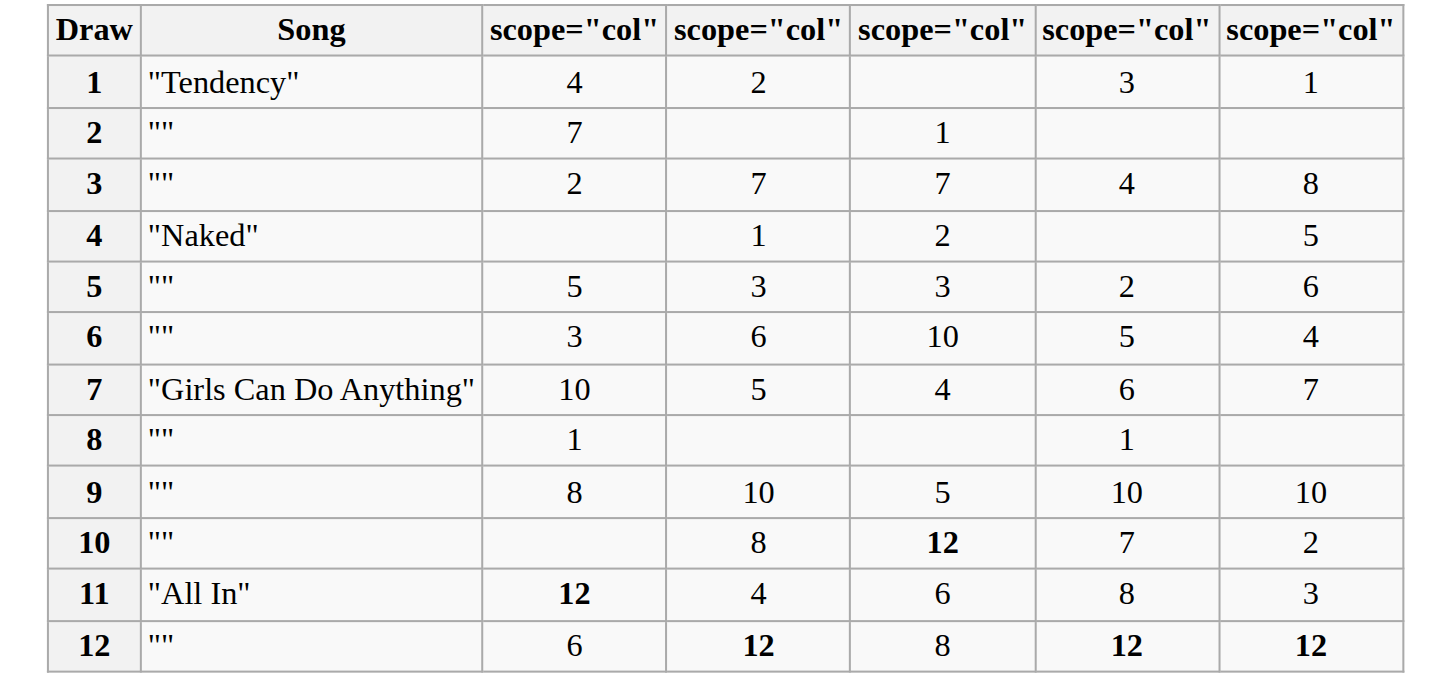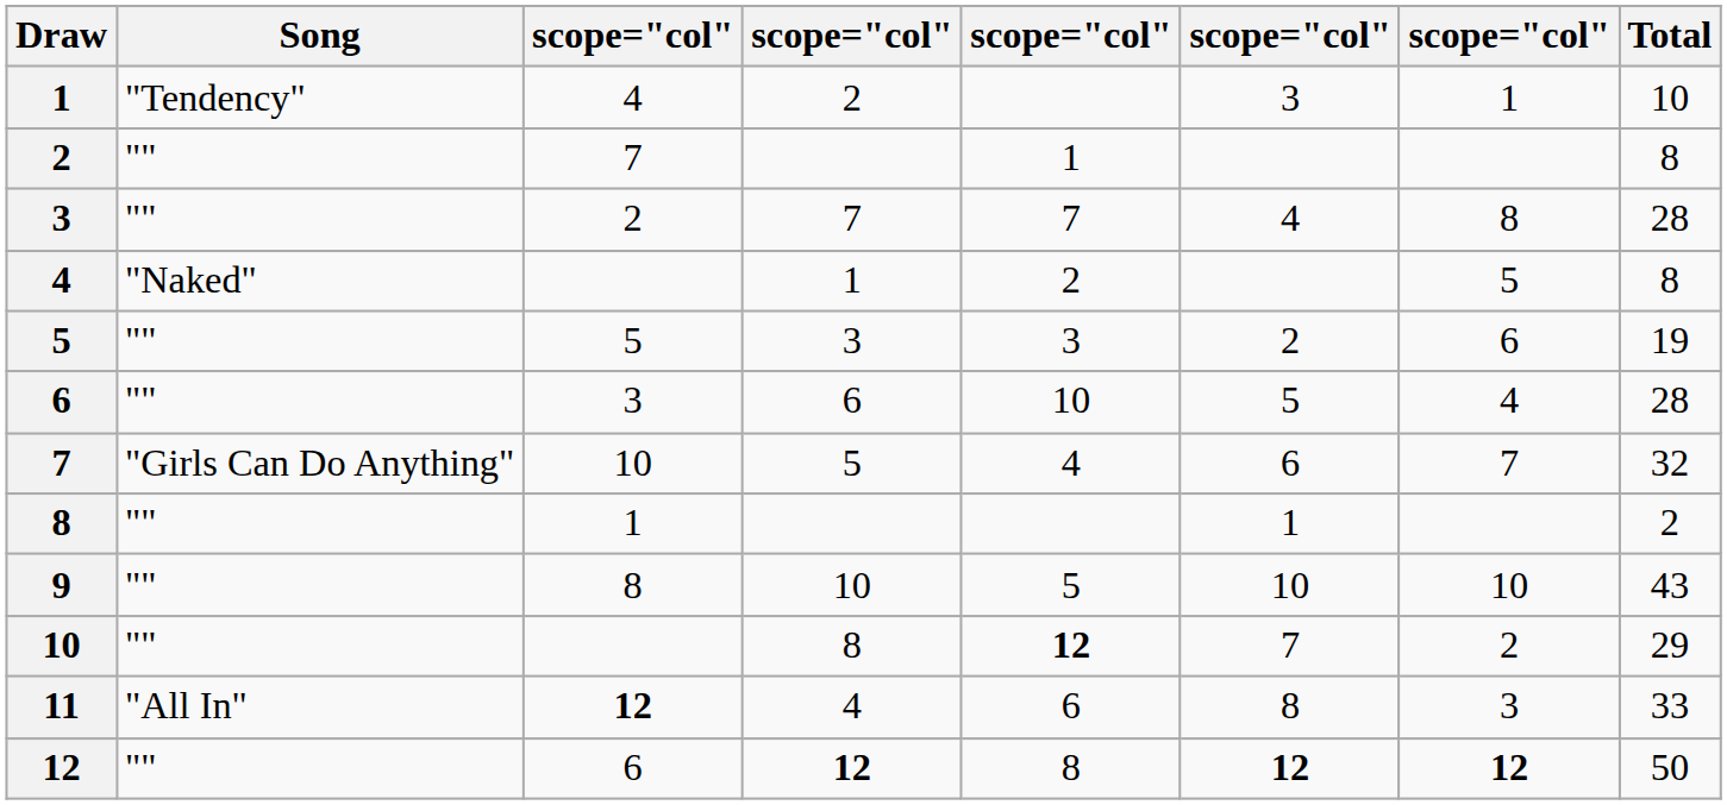 <table class="wikitable collapsible plainrowheaders" style="margin: 1em auto 1em auto; text-align:center">
 <tr>
 <th scope="col">Draw</th>
 <th scope="col">Song</th>
 <th>scope="col" </th>
 <th>scope="col" </th>
 <th>scope="col" </th>
 <th>scope="col" </th>
 <th>scope="col" </th>
+<th scope="col">Total</th>
 </tr>
 <tr>
 <th scope="row" style="text-align:center;">1</th>
 <td style="text-align:left">"Tendency"</td>
 <td>4</td>
 <td>2</td>
 <td></td>
 <td>3</td>
 <td>1</td>
+<td>10</td>
 </tr>
 <tr>
 <th scope="row" style="text-align:center;">2</th>
 <td style="text-align:left">""</td>
 <td>7</td>
 <td></td>
 <td>1</td>
 <td></td>
 <td></td>
+<td>8</td>
 </tr>
 <tr>
 <th scope="row" style="text-align:center;">3</th>
 <td style="text-align:left">""</td>
 <td>2</td>
 <td>7</td>
 <td>7</td>
 <td>4</td>
 <td>8</td>
+<td>28</td>
 </tr>
 <tr>
 <th scope="row" style="text-align:center;">4</th>
 <td style="text-align:left">"Naked"</td>
 <td></td>
 <td>1</td>
 <td>2</td>
 <td></td>
 <td>5</td>
+<td>8</td>
 </tr>
 <tr>
 <th scope="row" style="text-align:center;">5</th>
 <td style="text-align:left">""</td>
 <td>5</td>
 <td>3</td>
 <td>3</td>
 <td>2</td>
 <td>6</td>
+<td>19</td>
 </tr>
 <tr>
 <th scope="row" style="text-align:center;">6</th>
 <td style="text-align:left">""</td>
 <td>3</td>
 <td>6</td>
 <td>10</td>
 <td>5</td>
 <td>4</td>
+<td>28</td>
 </tr>
 <tr>
 <th scope="row" style="text-align:center;">7</th>
 <td style="text-align:left">"Girls Can Do Anything"</td>
 <td>10</td>
 <td>5</td>
 <td>4</td>
 <td>6</td>
 <td>7</td>
+<td>32</td>
 </tr>
 <tr>
 <th scope="row" style="text-align:center;">8</th>
 <td style="text-align:left">""</td>
 <td>1</td>
 <td></td>
 <td></td>
 <td>1</td>
 <td></td>
+<td>2</td>
 </tr>
 <tr>
 <th scope="row" style="text-align:center;">9</th>
 <td style="text-align:left">""</td>
 <td>8</td>
 <td>10</td>
 <td>5</td>
 <td>10</td>
 <td>10</td>
+<td>43</td>
 </tr>
 <tr>
 <th scope="row" style="text-align:center;">10</th>
 <td style="text-align:left">""</td>
 <td></td>
 <td>8</td>
 <td><strong>12</strong></td>
 <td>7</td>
 <td>2</td>
+<td>29</td>
 </tr>
 <tr>
 <th scope="row" style="text-align:center;">11</th>
 <td style="text-align:left">"All In"</td>
 <td><strong>12</strong></td>
 <td>4</td>
 <td>6</td>
 <td>8</td>
 <td>3</td>
+<td>33</td>
 </tr>
 <tr>
 <th scope="row" style="text-align:center;">12</th>
 <td style="text-align:left">""</td>
 <td>6</td>
 <td><strong>12</strong></td>
 <td>8</td>
 <td><strong>12</strong></td>
 <td><strong>12</strong></td>
+<td>50</td>
 </tr>
 </table>
